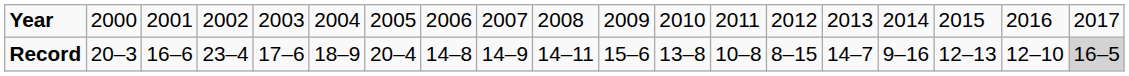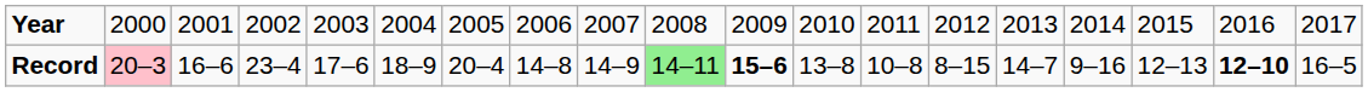 <table class="wikitable">
 <tr>
 <td><strong>Year</strong></td>
 <td>2000</td>
 <td>2001</td>
 <td>2002</td>
 <td>2003</td>
 <td>2004</td>
 <td>2005</td>
 <td>2006</td>
 <td>2007</td>
 <td>2008</td>
 <td>2009</td>
 <td>2010</td>
 <td>2011</td>
 <td>2012</td>
 <td>2013</td>
 <td>2014</td>
 <td>2015</td>
 <td>2016</td>
 <td>2017</td>
 </tr>
 <tr>
 <td><strong>Record</strong></td>
-<td>20–3</td>
+<td style="background: pink;">20–3</td>
 <td>16–6</td>
 <td>23–4</td>
 <td>17–6</td>
 <td>18–9</td>
 <td>20–4</td>
 <td>14–8</td>
 <td>14–9</td>
-<td>14–11</td>
-<td>15–6</td>
+<td style="background: lightgreen;">14–11</td>
+<td><strong>15–6</strong></td>
 <td>13–8</td>
 <td>10–8</td>
 <td>8–15</td>
 <td>14–7</td>
 <td>9–16</td>
 <td>12–13</td>
-<td>12–10</td>
-<td style="background: lightgrey;">16–5</td>
+<td><strong>12–10</strong></td>
+<td>16–5</td>
 </tr>
 </table>
